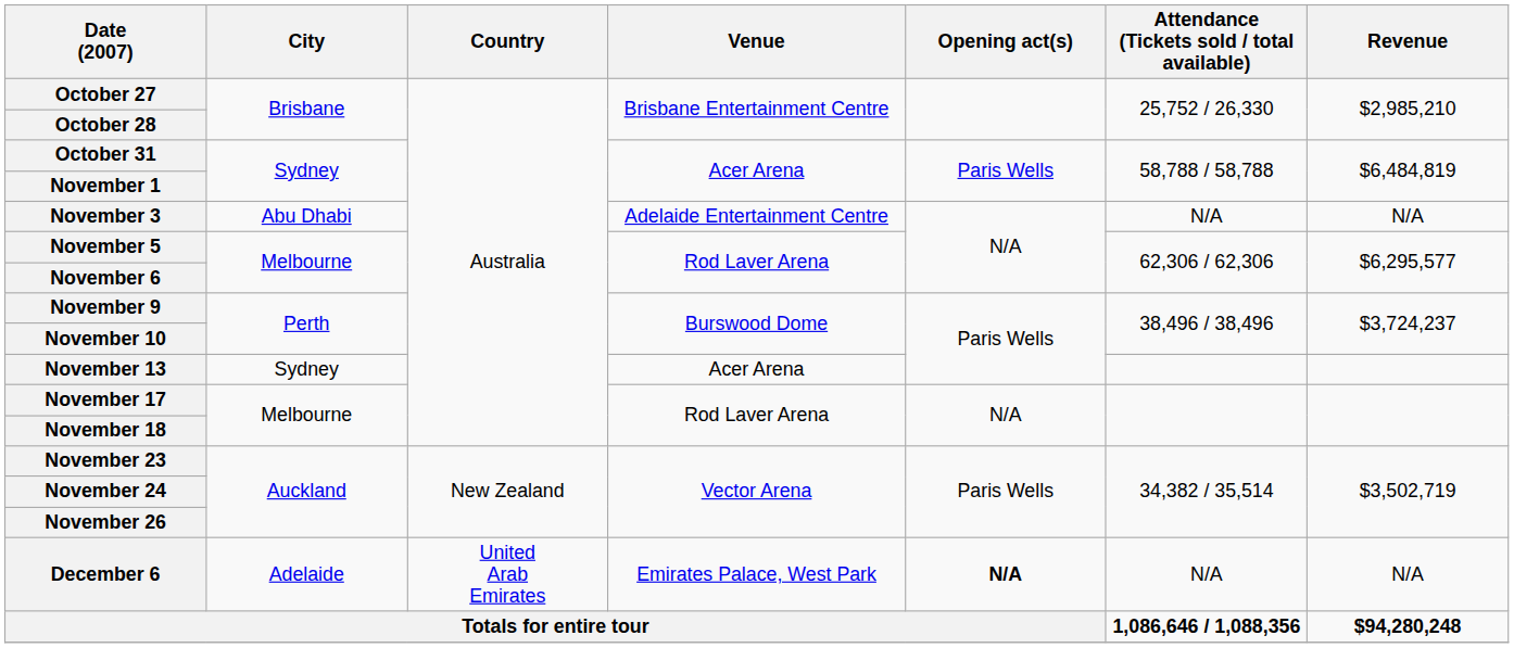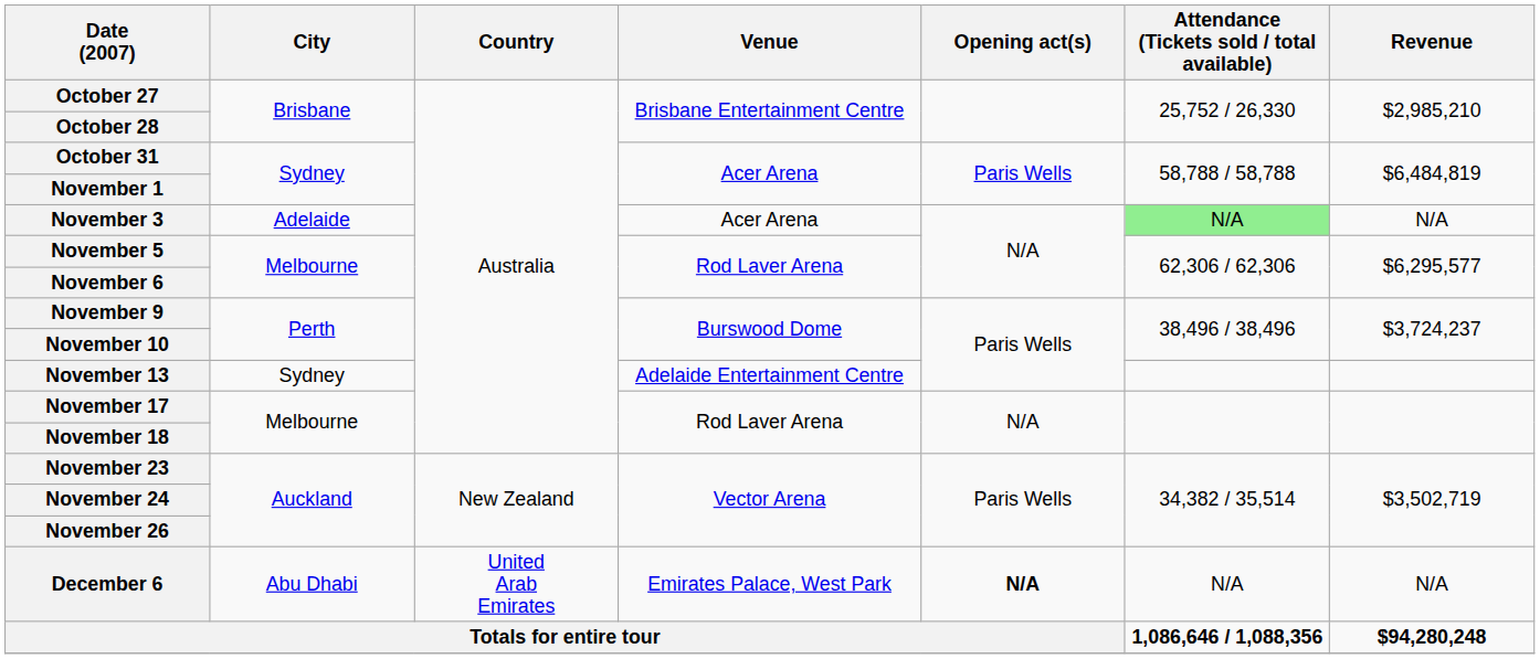 <table class="wikitable plainrowheaders" style="text-align:center;">
 <tr>
 <th scope="col" style="width:10em;">Date<br>(2007)</th>
 <th scope="col" style="width:10em;">City</th>
 <th scope="col" style="width:10em;">Country</th>
 <th scope="col" style="width:15em;">Venue</th>
 <th scope="col" style="width:10em;">Opening act(s)</th>
 <th scope="col" style="width:10em;">Attendance<br>(Tickets sold / total available)</th>
 <th scope="col" style="width:10em;">Revenue</th>
 </tr>
 <tr>
 <th scope="row">October 27</th>
 <td rowspan="2"><a href='#'>Brisbane</a></td>
 <td rowspan="12">Australia</td>
 <td rowspan="2"><a href='#'>Brisbane Entertainment Centre</a></td>
 <td rowspan="2"></td>
 <td rowspan="2">25,752 / 26,330</td>
 <td rowspan="2">$2,985,210</td>
 </tr>
 <tr>
 <th scope="row">October 28</th>
 </tr>
 <tr>
 <th scope="row">October 31</th>
 <td rowspan="2"><a href='#'>Sydney</a></td>
 <td rowspan="2"><a href='#'>Acer Arena</a></td>
 <td rowspan="2"><a href='#'>Paris Wells</a></td>
 <td rowspan="2">58,788 / 58,788</td>
 <td rowspan="2">$6,484,819</td>
 </tr>
 <tr>
 <th scope="row">November 1</th>
 </tr>
 <tr>
 <th scope="row">November 3</th>
-<td><a href='#'>Abu Dhabi</a></td>
-<td><a href='#'>Adelaide Entertainment Centre</a></td>
+<td><a href='#'>Adelaide</a></td>
+<td>Acer Arena</td>
 <td rowspan="3">N/A</td>
-<td>N/A</td>
+<td style="background: lightgreen;">N/A</td>
 <td>N/A</td>
 </tr>
 <tr>
 <th scope="row">November 5</th>
 <td rowspan="2"><a href='#'>Melbourne</a></td>
 <td rowspan="2"><a href='#'>Rod Laver Arena</a></td>
 <td rowspan="2">62,306 / 62,306</td>
 <td rowspan="2">$6,295,577</td>
 </tr>
 <tr>
 <th scope="row">November 6</th>
 </tr>
 <tr>
 <th scope="row">November 9</th>
 <td rowspan="2"><a href='#'>Perth</a></td>
 <td rowspan="2"><a href='#'>Burswood Dome</a></td>
 <td rowspan="3">Paris Wells</td>
 <td rowspan="2">38,496 / 38,496</td>
 <td rowspan="2">$3,724,237</td>
 </tr>
 <tr>
 <th scope="row">November 10</th>
 </tr>
 <tr>
 <th scope="row">November 13</th>
 <td>Sydney</td>
-<td>Acer Arena</td>
+<td><a href='#'>Adelaide Entertainment Centre</a></td>
 <td></td>
 <td></td>
 </tr>
 <tr>
 <th scope="row">November 17</th>
 <td rowspan="2">Melbourne</td>
 <td rowspan="2">Rod Laver Arena</td>
 <td rowspan="2">N/A</td>
 <td rowspan="2"></td>
 <td rowspan="2"></td>
 </tr>
 <tr>
 <th scope="row">November 18</th>
 </tr>
 <tr>
 <th scope="row">November 23</th>
 <td rowspan="3"><a href='#'>Auckland</a></td>
 <td rowspan="3">New Zealand</td>
 <td rowspan="3"><a href='#'>Vector Arena</a></td>
 <td rowspan="3">Paris Wells</td>
 <td rowspan="3">34,382 / 35,514</td>
 <td rowspan="3">$3,502,719</td>
 </tr>
 <tr>
 <th scope="row">November 24</th>
 </tr>
 <tr>
 <th scope="row">November 26</th>
 </tr>
 <tr>
 <th scope="row">December 6</th>
-<td><a href='#'>Adelaide</a></td>
+<td><a href='#'>Abu Dhabi</a></td>
 <td><a href='#'>United<br>Arab<br>Emirates</a></td>
 <td><a href='#'>Emirates Palace, West Park</a></td>
 <td><strong>N/A</strong></td>
 <td>N/A</td>
 <td>N/A</td>
 </tr>
 <tr>
 <th colspan="5">Totals for entire tour</th>
 <td><strong>1,086,646 / 1,088,356</strong></td>
 <td><strong>$94,280,248</strong></td>
 </tr>
 <tr>
 </tr>
 </table>
